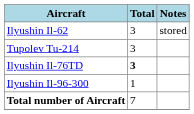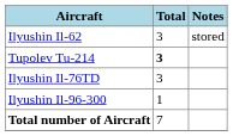 <table class="toccolours sortable" border="1" cellpadding="3" style="border-collapse:collapse">
 <tr bgcolor=lightblue>
 <th>Aircraft</th>
 <th>Total</th>
 <th>Notes</th>
 </tr>
 <tr>
 <td><a href='#'>Ilyushin Il-62</a></td>
 <td>3</td>
 <td>stored</td>
 </tr>
 <tr>
 <td><a href='#'>Tupolev Tu-214</a></td>
-<td>3</td>
+<td><strong>3</strong></td>
 <td></td>
 </tr>
 <tr>
 <td><a href='#'>Ilyushin Il-76TD</a></td>
-<td><strong>3</strong></td>
+<td>3</td>
 <td></td>
 </tr>
 <tr>
 <td><a href='#'>Ilyushin Il-96-300</a></td>
 <td>1</td>
 <td></td>
 </tr>
 <tr>
 <td><strong>Total number of Aircraft</strong></td>
 <td>7</td>
 <td></td>
 </tr>
 <tr>
 </tr>
 </table>
